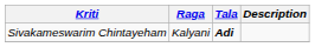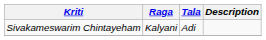 <table class="wikitable">
 <tr>
 <th><em><a href='#'>Kriti</a></em></th>
 <th><em><a href='#'>Raga</a></em></th>
 <th><em><a href='#'>Tala</a></em></th>
 <th><em>Description</em></th>
 </tr>
 <tr>
 <td><em>Sivakameswarim Chintayeham</em></td>
 <td><em>Kalyani</em></td>
-<td><strong><em>Adi</em></strong></td>
+<td><em>Adi</em></td>
 <td></td>
 </tr>
 <tr>
 </tr>
 </table>
